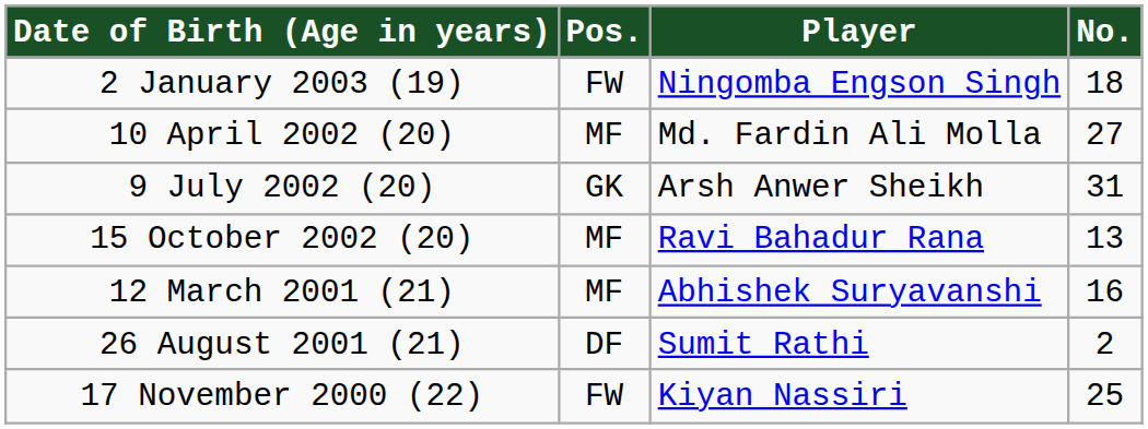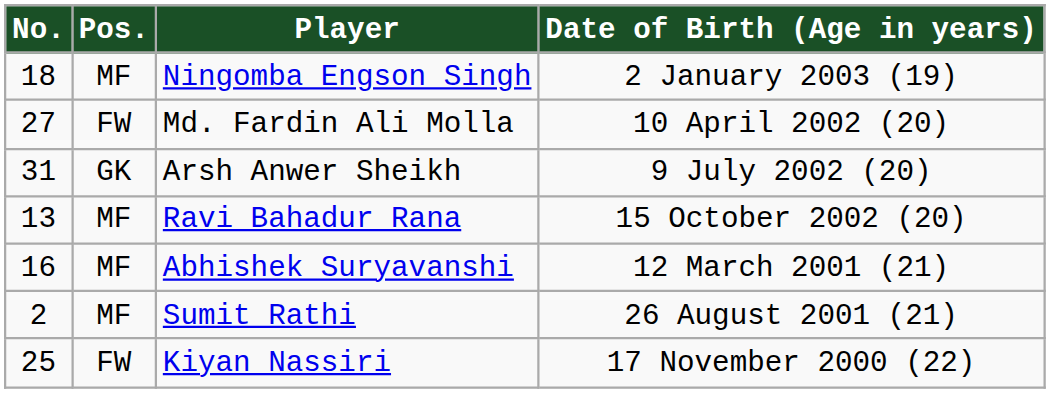 <table class="wikitable plainrowheaders sortable">
 <tr>
-<th style="background:#1A5026; color:#FFFFFF; ">Date of Birth (Age in years)</th>
+<th style="background:#1A5026; color:#FFFFFF; ">No.</th>
 <th style="background:#1A5026; color:#FFFFFF; ">Pos.</th>
 <th style="background:#1A5026; color:#FFFFFF; ">Player</th>
-<th style="background:#1A5026; color:#FFFFFF; ">No.</th>
+<th style="background:#1A5026; color:#FFFFFF; ">Date of Birth (Age in years)</th>
 </tr>
 <tr>
+<td align=center>18</td>
+<td align=center>MF</td>
+<td><a href='#'>Ningomba Engson Singh</a></td>
 <td align=center>2 January 2003 (19)</td>
-<td align=center>FW</td>
-<td><a href='#'>Ningomba Engson Singh</a></td>
-<td align=center>18</td>
 </tr>
 <tr>
+<td align=center>27</td>
+<td align=center>FW</td>
+<td>Md. Fardin Ali Molla</td>
 <td align=center>10 April 2002 (20)</td>
-<td align=center>MF</td>
-<td>Md. Fardin Ali Molla</td>
-<td align=center>27</td>
 </tr>
 <tr>
-<td align=center>9 July 2002 (20)</td>
+<td align=center>31</td>
 <td align=center>GK</td>
 <td>Arsh Anwer Sheikh</td>
-<td align=center>31</td>
+<td align=center>9 July 2002 (20)</td>
 </tr>
 <tr>
-<td align=center>15 October 2002 (20)</td>
+<td align=center>13</td>
 <td align=center>MF</td>
 <td><a href='#'>Ravi Bahadur Rana</a></td>
-<td align=center>13</td>
+<td align=center>15 October 2002 (20)</td>
 </tr>
 <tr>
-<td align=center>12 March 2001 (21)</td>
+<td align=center>16</td>
 <td align=center>MF</td>
 <td><a href='#'>Abhishek Suryavanshi</a></td>
-<td align=center>16</td>
+<td align=center>12 March 2001 (21)</td>
 </tr>
 <tr>
+<td align=center>2</td>
+<td align=center>MF</td>
+<td><a href='#'>Sumit Rathi</a></td>
 <td align=center>26 August 2001 (21)</td>
-<td align=center>DF</td>
-<td><a href='#'>Sumit Rathi</a></td>
-<td align=center>2</td>
 </tr>
 <tr>
-<td align=center>17 November 2000 (22)</td>
+<td align=center>25</td>
 <td align=center>FW</td>
 <td><a href='#'>Kiyan Nassiri</a></td>
-<td align=center>25</td>
+<td align=center>17 November 2000 (22)</td>
 </tr>
 </table>
